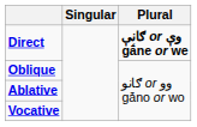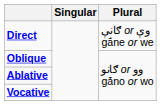 <table class="wikitable">
 <tr>
 <th></th>
 <th>Singular</th>
 <th>Plural</th>
 </tr>
 <tr>
 <td><strong><a href='#'>Direct</a></strong></td>
 <td rowspan="4"></td>
-<td><strong>ګانې <em>or</em> وې<br>gā́ne <em>or</em> we</strong></td>
+<td>ګانې <em>or</em> وې<br>gā́ne <em>or</em> we</td>
 </tr>
 <tr>
 <td><strong><a href='#'>Oblique</a></strong></td>
 <td rowspan="3">ګانو <em>or</em> وو<br>gā́no <em>or</em> wo</td>
 </tr>
 <tr>
 <td><strong><a href='#'>Ablative</a></strong></td>
 </tr>
 <tr>
 <td><strong><a href='#'>Vocative</a></strong></td>
 </tr>
 </table>
